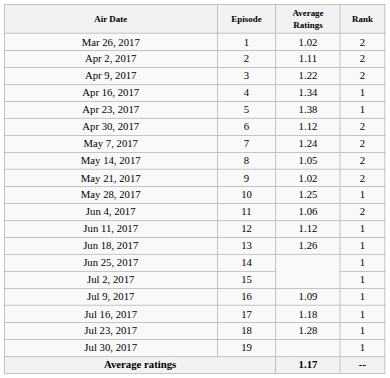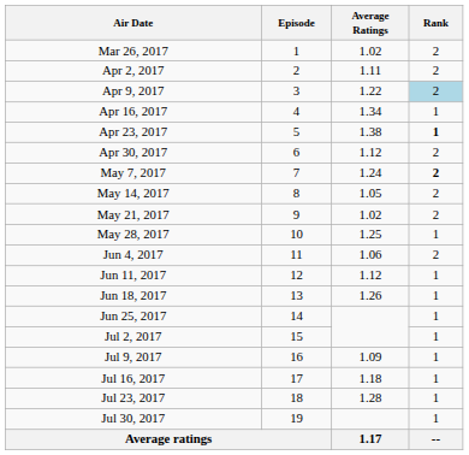 <table class="wikitable" style="text-align:center;width:45%;">
 <tr>
 <th width="25%"><small>Air Date</small></th>
 <th width="5%"><small>Episode</small></th>
 <th width="6%"><small>Average Ratings</small><br></th>
 <th width="4%"><small>Rank</small></th>
 </tr>
 <tr>
 <td>Mar 26, 2017</td>
 <td>1</td>
 <td>1.02</td>
 <td>2</td>
 </tr>
 <tr>
 <td>Apr 2, 2017</td>
 <td>2</td>
 <td>1.11</td>
 <td>2</td>
 </tr>
 <tr>
 <td>Apr 9, 2017</td>
 <td>3</td>
 <td>1.22</td>
-<td>2</td>
+<td style="background: lightblue;">2</td>
 </tr>
 <tr>
 <td>Apr 16, 2017</td>
 <td>4</td>
 <td>1.34</td>
 <td>1</td>
 </tr>
 <tr>
 <td>Apr 23, 2017</td>
 <td>5</td>
 <td>1.38</td>
-<td>1</td>
+<td><strong>1</strong></td>
 </tr>
 <tr>
 <td>Apr 30, 2017</td>
 <td>6</td>
 <td>1.12</td>
 <td>2</td>
 </tr>
 <tr>
 <td>May 7, 2017</td>
 <td>7</td>
 <td>1.24</td>
-<td>2</td>
+<td><strong>2</strong></td>
 </tr>
 <tr>
 <td>May 14, 2017</td>
 <td>8</td>
 <td>1.05</td>
 <td>2</td>
 </tr>
 <tr>
 <td>May 21, 2017</td>
 <td>9</td>
 <td>1.02</td>
 <td>2</td>
 </tr>
 <tr>
 <td>May 28, 2017</td>
 <td>10</td>
 <td>1.25</td>
 <td>1</td>
 </tr>
 <tr>
 <td>Jun 4, 2017</td>
 <td>11</td>
 <td>1.06</td>
 <td>2</td>
 </tr>
 <tr>
 <td>Jun 11, 2017</td>
 <td>12</td>
 <td>1.12</td>
 <td>1</td>
 </tr>
 <tr>
 <td>Jun 18, 2017</td>
 <td>13</td>
 <td>1.26</td>
 <td>1</td>
 </tr>
 <tr>
 <td>Jun 25, 2017</td>
 <td>14</td>
 <td rowspan=2><strong></strong></td>
 <td>1</td>
 </tr>
 <tr>
 <td>Jul 2, 2017</td>
 <td>15</td>
 <td>1</td>
 </tr>
 <tr>
 <td>Jul 9, 2017</td>
 <td>16</td>
 <td>1.09</td>
 <td>1</td>
 </tr>
 <tr>
 <td>Jul 16, 2017</td>
 <td>17</td>
 <td>1.18</td>
 <td>1</td>
 </tr>
 <tr>
 <td>Jul 23, 2017</td>
 <td>18</td>
 <td>1.28</td>
 <td>1</td>
 </tr>
 <tr>
 <td>Jul 30, 2017</td>
 <td>19</td>
 <td><strong></strong></td>
 <td>1</td>
 </tr>
 <tr>
 <th colspan="2"><strong>Average ratings</strong></th>
 <th>1.17</th>
 <th>--</th>
 </tr>
 </table>
